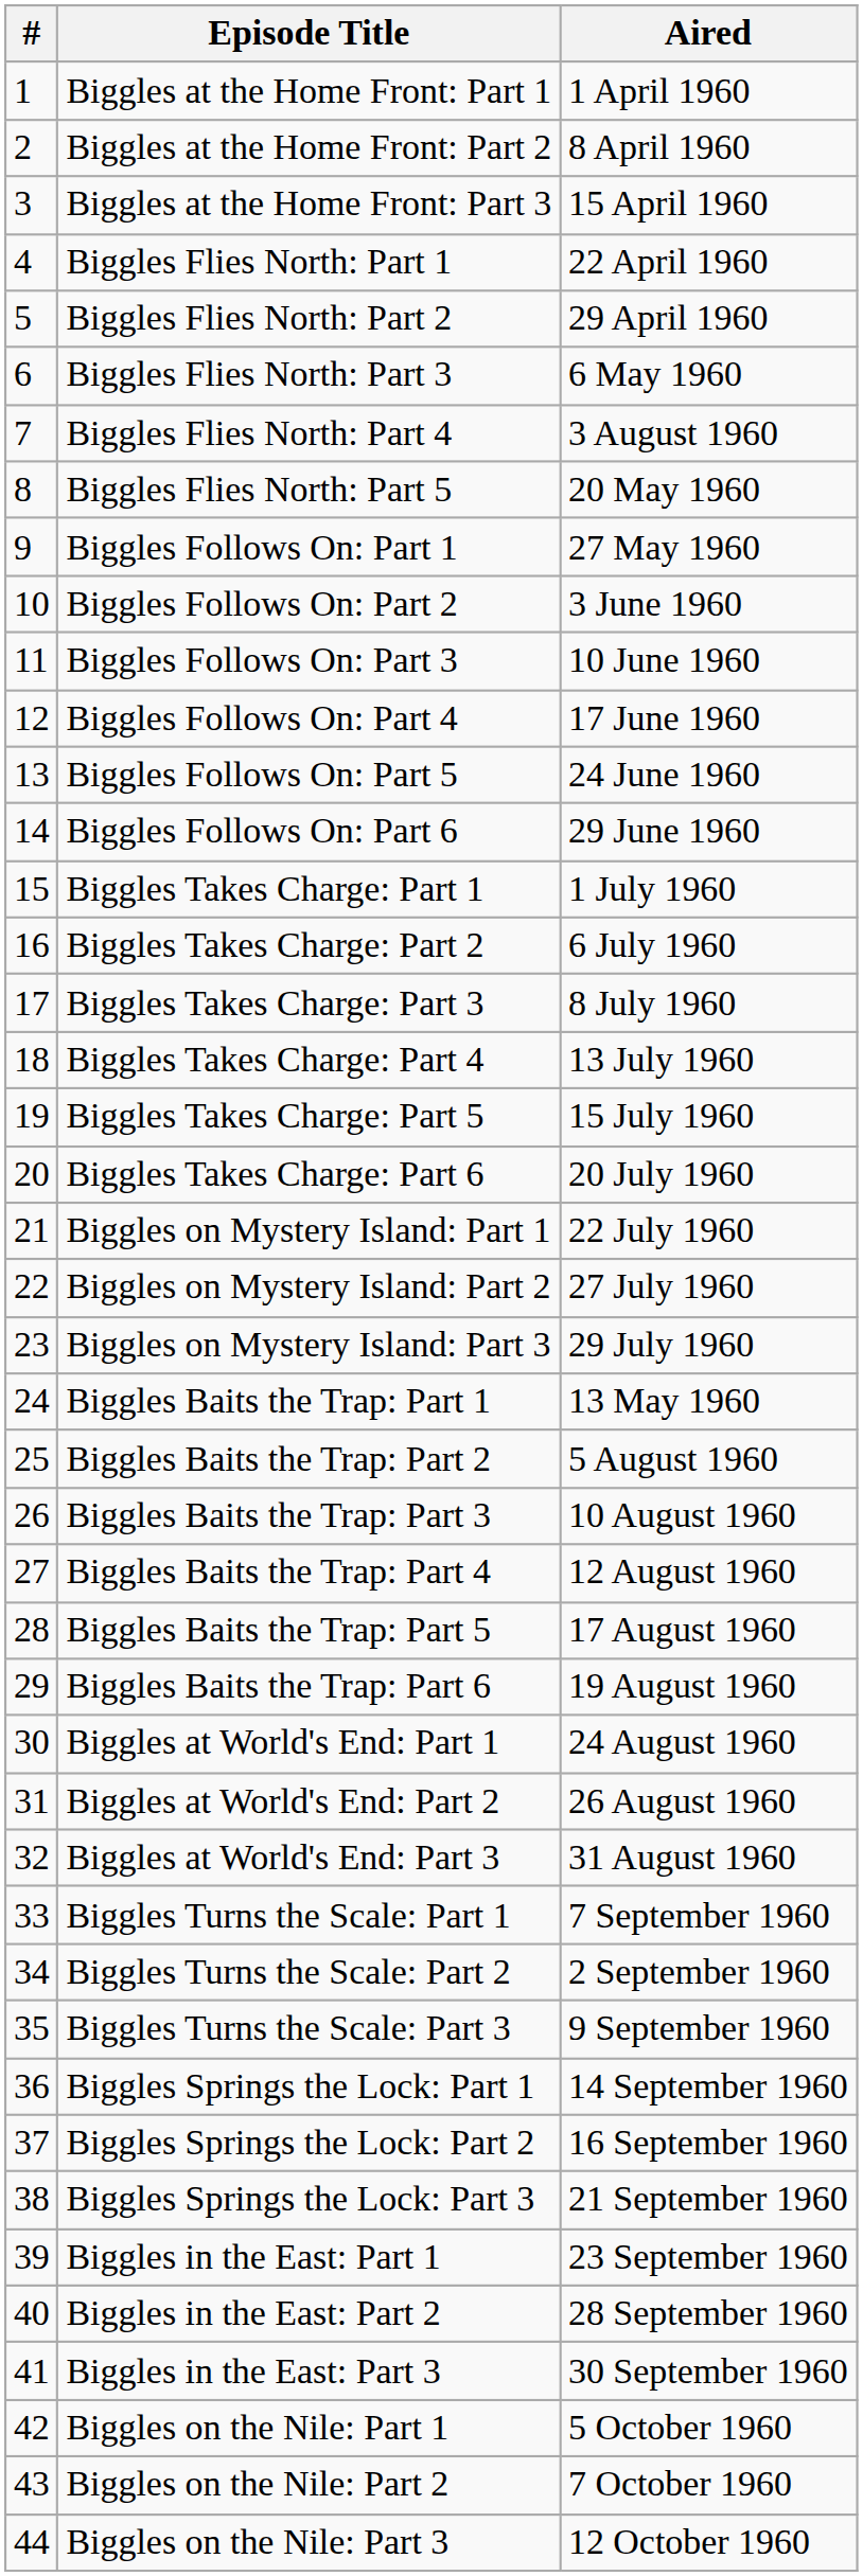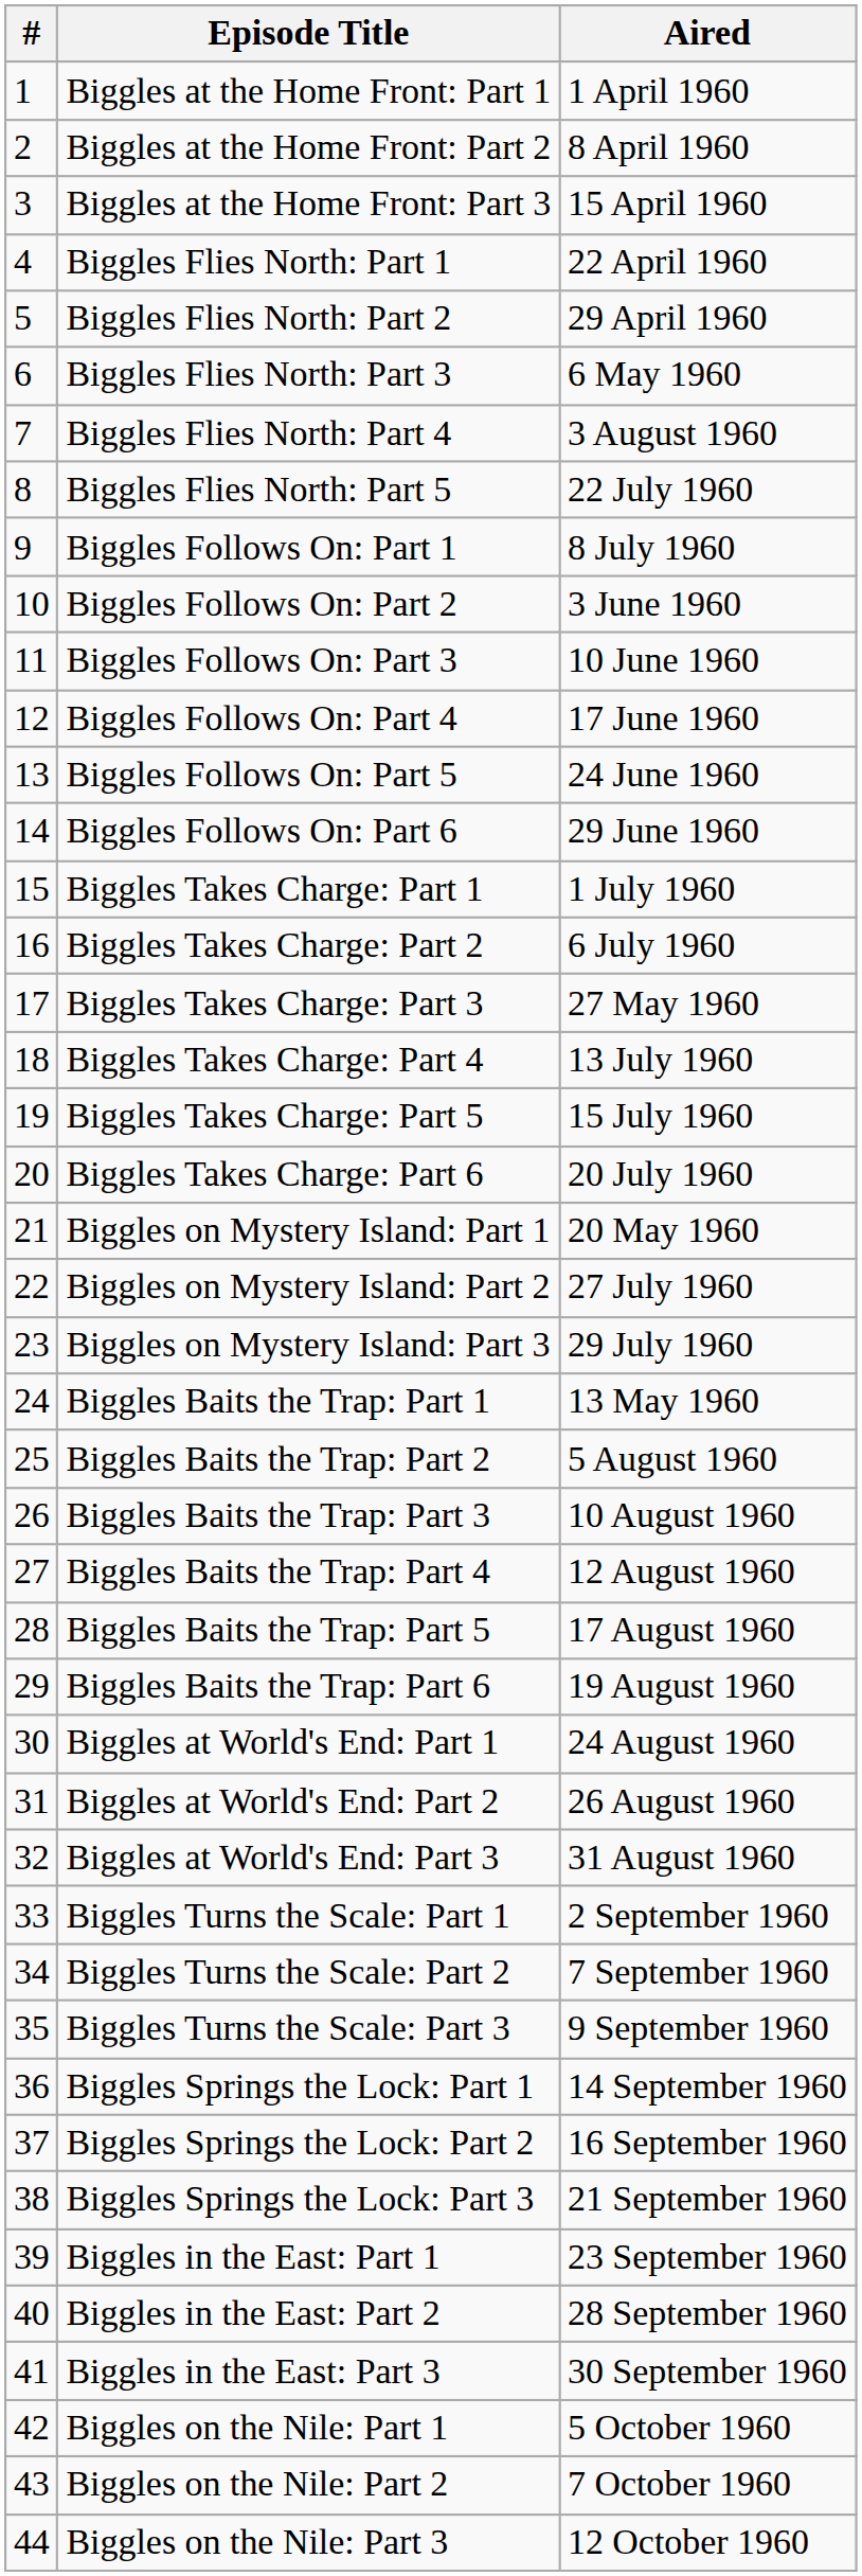 <table class="wikitable">
 <tr>
 <th>#</th>
 <th>Episode Title</th>
 <th>Aired</th>
 </tr>
 <tr>
 <td>1</td>
 <td>Biggles at the Home Front: Part 1</td>
 <td>1 April 1960</td>
 </tr>
 <tr>
 <td>2</td>
 <td>Biggles at the Home Front: Part 2</td>
 <td>8 April 1960</td>
 </tr>
 <tr>
 <td>3</td>
 <td>Biggles at the Home Front: Part 3</td>
 <td>15 April 1960</td>
 </tr>
 <tr>
 <td>4</td>
 <td>Biggles Flies North: Part 1</td>
 <td>22 April 1960</td>
 </tr>
 <tr>
 <td>5</td>
 <td>Biggles Flies North: Part 2</td>
 <td>29 April 1960</td>
 </tr>
 <tr>
 <td>6</td>
 <td>Biggles Flies North: Part 3</td>
 <td>6 May 1960</td>
 </tr>
 <tr>
 <td>7</td>
 <td>Biggles Flies North: Part 4</td>
 <td>3 August 1960</td>
 </tr>
 <tr>
 <td>8</td>
 <td>Biggles Flies North: Part 5</td>
-<td>20 May 1960</td>
+<td>22 July 1960</td>
 </tr>
 <tr>
 <td>9</td>
 <td>Biggles Follows On: Part 1</td>
-<td>27 May 1960</td>
+<td>8 July 1960</td>
 </tr>
 <tr>
 <td>10</td>
 <td>Biggles Follows On: Part 2</td>
 <td>3 June 1960</td>
 </tr>
 <tr>
 <td>11</td>
 <td>Biggles Follows On: Part 3</td>
 <td>10 June 1960</td>
 </tr>
 <tr>
 <td>12</td>
 <td>Biggles Follows On: Part 4</td>
 <td>17 June 1960</td>
 </tr>
 <tr>
 <td>13</td>
 <td>Biggles Follows On: Part 5</td>
 <td>24 June 1960</td>
 </tr>
 <tr>
 <td>14</td>
 <td>Biggles Follows On: Part 6</td>
 <td>29 June 1960</td>
 </tr>
 <tr>
 <td>15</td>
 <td>Biggles Takes Charge: Part 1</td>
 <td>1 July 1960</td>
 </tr>
 <tr>
 <td>16</td>
 <td>Biggles Takes Charge: Part 2</td>
 <td>6 July 1960</td>
 </tr>
 <tr>
 <td>17</td>
 <td>Biggles Takes Charge: Part 3</td>
-<td>8 July 1960</td>
+<td>27 May 1960</td>
 </tr>
 <tr>
 <td>18</td>
 <td>Biggles Takes Charge: Part 4</td>
 <td>13 July 1960</td>
 </tr>
 <tr>
 <td>19</td>
 <td>Biggles Takes Charge: Part 5</td>
 <td>15 July 1960</td>
 </tr>
 <tr>
 <td>20</td>
 <td>Biggles Takes Charge: Part 6</td>
 <td>20 July 1960</td>
 </tr>
 <tr>
 <td>21</td>
 <td>Biggles on Mystery Island: Part 1</td>
-<td>22 July 1960</td>
+<td>20 May 1960</td>
 </tr>
 <tr>
 <td>22</td>
 <td>Biggles on Mystery Island: Part 2</td>
 <td>27 July 1960</td>
 </tr>
 <tr>
 <td>23</td>
 <td>Biggles on Mystery Island: Part 3</td>
 <td>29 July 1960</td>
 </tr>
 <tr>
 <td>24</td>
 <td>Biggles Baits the Trap: Part 1</td>
 <td>13 May 1960</td>
 </tr>
 <tr>
 <td>25</td>
 <td>Biggles Baits the Trap: Part 2</td>
 <td>5 August 1960</td>
 </tr>
 <tr>
 <td>26</td>
 <td>Biggles Baits the Trap: Part 3</td>
 <td>10 August 1960</td>
 </tr>
 <tr>
 <td>27</td>
 <td>Biggles Baits the Trap: Part 4</td>
 <td>12 August 1960</td>
 </tr>
 <tr>
 <td>28</td>
 <td>Biggles Baits the Trap: Part 5</td>
 <td>17 August 1960</td>
 </tr>
 <tr>
 <td>29</td>
 <td>Biggles Baits the Trap: Part 6</td>
 <td>19 August 1960</td>
 </tr>
 <tr>
 <td>30</td>
 <td>Biggles at World's End: Part 1</td>
 <td>24 August 1960</td>
 </tr>
 <tr>
 <td>31</td>
 <td>Biggles at World's End: Part 2</td>
 <td>26 August 1960</td>
 </tr>
 <tr>
 <td>32</td>
 <td>Biggles at World's End: Part 3</td>
 <td>31 August 1960</td>
 </tr>
 <tr>
 <td>33</td>
 <td>Biggles Turns the Scale: Part 1</td>
-<td>7 September 1960</td>
+<td>2 September 1960</td>
 </tr>
 <tr>
 <td>34</td>
 <td>Biggles Turns the Scale: Part 2</td>
-<td>2 September 1960</td>
+<td>7 September 1960</td>
 </tr>
 <tr>
 <td>35</td>
 <td>Biggles Turns the Scale: Part 3</td>
 <td>9 September 1960</td>
 </tr>
 <tr>
 <td>36</td>
 <td>Biggles Springs the Lock: Part 1</td>
 <td>14 September 1960</td>
 </tr>
 <tr>
 <td>37</td>
 <td>Biggles Springs the Lock: Part 2</td>
 <td>16 September 1960</td>
 </tr>
 <tr>
 <td>38</td>
 <td>Biggles Springs the Lock: Part 3</td>
 <td>21 September 1960</td>
 </tr>
 <tr>
 <td>39</td>
 <td>Biggles in the East: Part 1</td>
 <td>23 September 1960</td>
 </tr>
 <tr>
 <td>40</td>
 <td>Biggles in the East: Part 2</td>
 <td>28 September 1960</td>
 </tr>
 <tr>
 <td>41</td>
 <td>Biggles in the East: Part 3</td>
 <td>30 September 1960</td>
 </tr>
 <tr>
 <td>42</td>
 <td>Biggles on the Nile: Part 1</td>
 <td>5 October 1960</td>
 </tr>
 <tr>
 <td>43</td>
 <td>Biggles on the Nile: Part 2</td>
 <td>7 October 1960</td>
 </tr>
 <tr>
 <td>44</td>
 <td>Biggles on the Nile: Part 3</td>
 <td>12 October 1960</td>
 </tr>
 </table>
